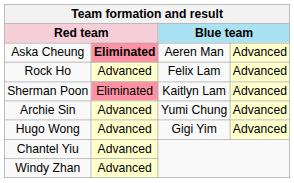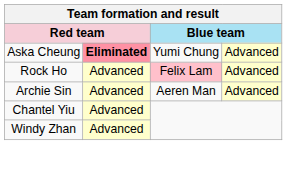 <table class="wikitable unsortable plainrowheaders" style="text-align:center; line-height:18px;">
 <tr>
 <th scope="col" colspan="4">Team formation and result</th>
 </tr>
 <tr>
 <th scope="col" colspan="2" style="background:#F6CED8;">Red team</th>
 <th scope="col" colspan="2" style="background:#A9E2F3;">Blue team</th>
 </tr>
 <tr>
 <td>Aska Cheung</td>
 <td style="background:#FF91A4;"><strong>Eliminated</strong></td>
-<td>Aeren Man</td>
+<td>Yumi Chung</td>
 <td style="background:#FFFFCC;">Advanced</td>
 </tr>
 <tr>
 <td>Rock Ho</td>
 <td style="background:#FFFFCC;">Advanced</td>
-<td>Felix Lam</td>
-<td style="background:#FFFFCC;">Advanced</td>
-</tr>
-<tr>
-<td>Sherman Poon</td>
-<td style="background:#FF91A4;">Eliminated</td>
-<td>Kaitlyn Lam</td>
+<td style="background: pink;">Felix Lam</td>
 <td style="background:#FFFFCC;">Advanced</td>
 </tr>
 <tr>
 <td>Archie Sin</td>
 <td style="background:#FFFFCC;">Advanced</td>
-<td>Yumi Chung</td>
-<td style="background:#FFFFCC;">Advanced</td>
-</tr>
-<tr>
-<td>Hugo Wong</td>
-<td style="background:#FFFFCC;">Advanced</td>
-<td>Gigi Yim</td>
+<td>Aeren Man</td>
 <td style="background:#FFFFCC;">Advanced</td>
 </tr>
 <tr>
 <td>Chantel Yiu</td>
 <td style="background:#FFFFCC;">Advanced</td>
 <td rowspan="2" colspan="2"></td>
 </tr>
 <tr>
 <td>Windy Zhan</td>
 <td style="background:#FFFFCC;">Advanced</td>
 </tr>
 </table>
